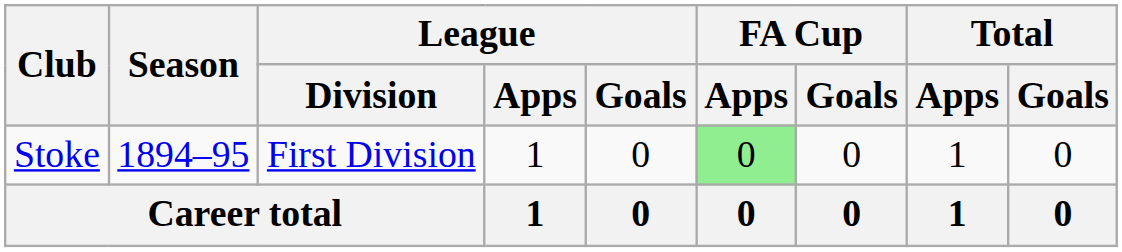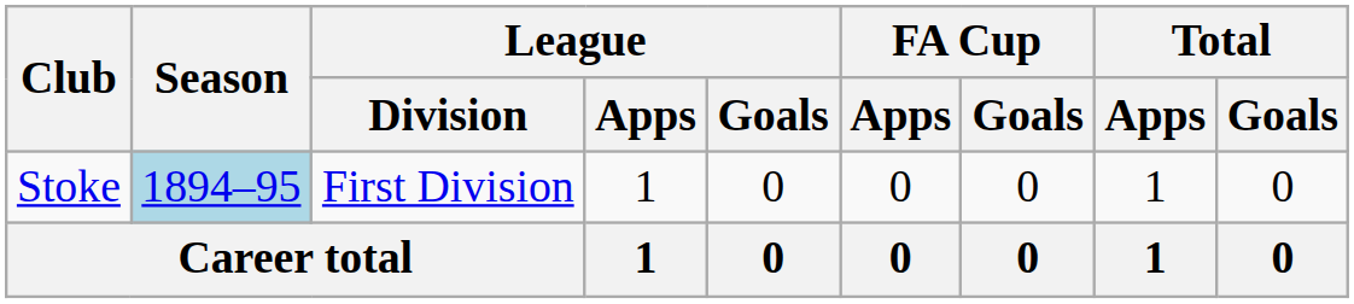 <table class="wikitable" style="text-align: center;">
 <tr>
 <th rowspan="2">Club</th>
 <th rowspan="2">Season</th>
 <th colspan="3">League</th>
 <th colspan="2">FA Cup</th>
 <th colspan="2">Total</th>
 </tr>
 <tr>
 <th>Division</th>
 <th>Apps</th>
 <th>Goals</th>
 <th>Apps</th>
 <th>Goals</th>
 <th>Apps</th>
 <th>Goals</th>
 </tr>
 <tr>
 <td><a href='#'>Stoke</a></td>
-<td><a href='#'>1894–95</a></td>
+<td style="background: lightblue;"><a href='#'>1894–95</a></td>
 <td><a href='#'>First Division</a></td>
 <td>1</td>
 <td>0</td>
-<td style="background: lightgreen;">0</td>
+<td>0</td>
 <td>0</td>
 <td>1</td>
 <td>0</td>
 </tr>
 <tr>
 <th colspan="3">Career total</th>
 <th>1</th>
 <th>0</th>
 <th>0</th>
 <th>0</th>
 <th>1</th>
 <th>0</th>
 </tr>
 </table>
